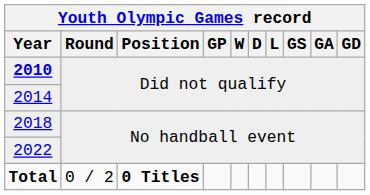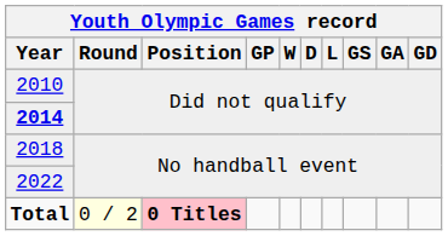 <table class="wikitable" style="text-align: center;">
 <tr>
 <th colspan=10><a href='#'>Youth Olympic Games</a> record</th>
 </tr>
 <tr>
 <th>Year</th>
 <th>Round</th>
 <th>Position</th>
 <th>GP</th>
 <th>W</th>
 <th>D</th>
 <th>L</th>
 <th>GS</th>
 <th>GA</th>
 <th>GD</th>
 </tr>
 <tr bgcolor="efefef">
-<td><strong> <a href='#'>2010</a></strong></td>
+<td> <a href='#'>2010</a></td>
 <td Colspan=10 rowspan=2>Did not qualify</td>
 </tr>
 <tr bgcolor="efefef">
-<td> <a href='#'>2014</a></td>
+<td><strong> <a href='#'>2014</a></strong></td>
 </tr>
 <tr bgcolor="efefef">
 <td> <a href='#'>2018</a></td>
 <td colspan=10 rowspan=2>No handball event</td>
 </tr>
 <tr bgcolor="efefef">
 <td> <a href='#'>2022</a></td>
 </tr>
 <tr>
 <td><strong>Total</strong></td>
-<td>0 / 2</td>
-<td><strong>0 Titles</strong></td>
+<td style="background: lightyellow;">0 / 2</td>
+<td style="background: pink;"><strong>0 Titles</strong></td>
 <td></td>
 <td></td>
 <td></td>
 <td></td>
 <td></td>
 <td></td>
 <td></td>
 </tr>
 </table>
